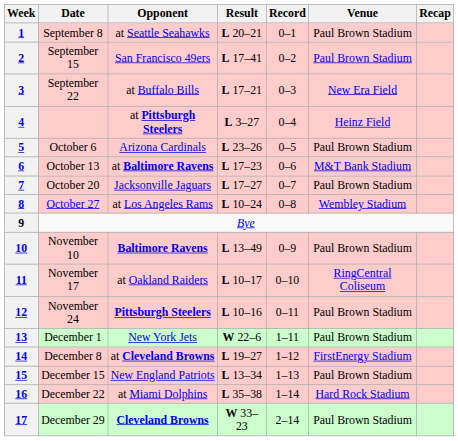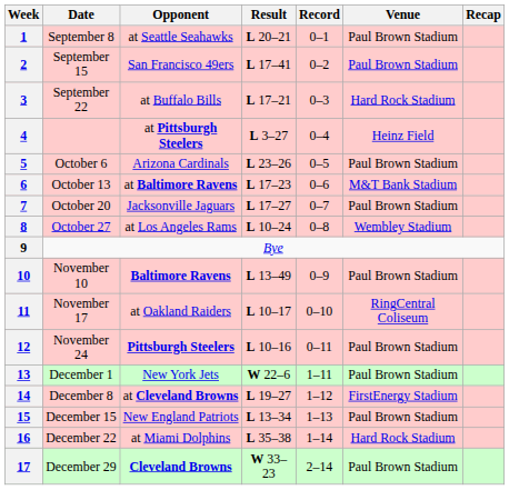 <table class="wikitable" style="text-align:center">
 <tr>
 <th>Week</th>
 <th>Date</th>
 <th>Opponent</th>
 <th>Result</th>
 <th>Record</th>
 <th>Venue</th>
 <th>Recap</th>
 </tr>
 <tr style="background:#fcc">
 <th><a href='#'>1</a></th>
 <td>September 8</td>
 <td>at <a href='#'>Seattle Seahawks</a></td>
 <td><strong>L</strong> 20–21</td>
 <td>0–1</td>
 <td>Paul Brown Stadium</td>
 <td></td>
 </tr>
 <tr style="background:#fcc">
 <th><a href='#'>2</a></th>
 <td>September 15</td>
 <td><a href='#'>San Francisco 49ers</a></td>
 <td><strong>L</strong> 17–41</td>
 <td>0–2</td>
 <td><a href='#'>Paul Brown Stadium</a></td>
 <td></td>
 </tr>
 <tr style="background:#fcc">
 <th><a href='#'>3</a></th>
 <td>September 22</td>
 <td>at <a href='#'>Buffalo Bills</a></td>
 <td><strong>L</strong> 17–21</td>
 <td>0–3</td>
-<td><a href='#'>New Era Field</a></td>
+<td><a href='#'>Hard Rock Stadium</a></td>
 <td></td>
 </tr>
 <tr style="background:#fcc">
 <th><a href='#'>4</a></th>
 <td></td>
 <td>at <strong><a href='#'>Pittsburgh Steelers</a></strong></td>
 <td><strong>L</strong> 3–27</td>
 <td>0–4</td>
 <td><a href='#'>Heinz Field</a></td>
 <td></td>
 </tr>
 <tr style="background:#fcc">
 <th><a href='#'>5</a></th>
 <td>October 6</td>
 <td><a href='#'>Arizona Cardinals</a></td>
 <td><strong>L</strong> 23–26</td>
 <td>0–5</td>
 <td>Paul Brown Stadium</td>
 <td></td>
 </tr>
 <tr style="background:#fcc">
 <th><a href='#'>6</a></th>
 <td>October 13</td>
 <td>at <strong><a href='#'>Baltimore Ravens</a></strong></td>
 <td><strong>L</strong> 17–23</td>
 <td>0–6</td>
 <td><a href='#'>M&T Bank Stadium</a></td>
 <td></td>
 </tr>
 <tr style="background:#fcc">
 <th><a href='#'>7</a></th>
 <td>October 20</td>
 <td><a href='#'>Jacksonville Jaguars</a></td>
 <td><strong>L</strong> 17–27</td>
 <td>0–7</td>
 <td>Paul Brown Stadium</td>
 <td></td>
 </tr>
 <tr style="background:#fcc">
 <th><a href='#'>8</a></th>
 <td><a href='#'>October 27</a></td>
 <td>at <a href='#'>Los Angeles Rams</a></td>
 <td><strong>L</strong> 10–24</td>
 <td>0–8</td>
 <td> <a href='#'>Wembley Stadium</a> </td>
 <td></td>
 </tr>
 <tr>
 <th>9</th>
 <td colspan="6"><em><a href='#'>Bye</a></em></td>
 </tr>
 <tr style="background:#fcc">
 <th><a href='#'>10</a></th>
 <td>November 10</td>
 <td><strong><a href='#'>Baltimore Ravens</a></strong></td>
 <td><strong>L</strong> 13–49</td>
 <td>0–9</td>
 <td>Paul Brown Stadium</td>
 <td></td>
 </tr>
 <tr style="background:#fcc">
 <th><a href='#'>11</a></th>
 <td>November 17</td>
 <td>at <a href='#'>Oakland Raiders</a></td>
 <td><strong>L</strong> 10–17</td>
 <td>0–10</td>
 <td><a href='#'>RingCentral Coliseum</a></td>
 <td></td>
 </tr>
 <tr style="background:#fcc">
 <th><a href='#'>12</a></th>
 <td>November 24</td>
 <td><strong><a href='#'>Pittsburgh Steelers</a></strong></td>
 <td><strong>L</strong> 10–16</td>
 <td>0–11</td>
 <td>Paul Brown Stadium</td>
 <td></td>
 </tr>
 <tr style="background:#cfc">
 <th><a href='#'>13</a></th>
 <td>December 1</td>
 <td><a href='#'>New York Jets</a></td>
 <td><strong>W</strong> 22–6</td>
 <td>1–11</td>
 <td>Paul Brown Stadium</td>
 <td></td>
 </tr>
 <tr style="background:#fcc">
 <th><a href='#'>14</a></th>
 <td>December 8</td>
 <td>at <strong><a href='#'>Cleveland Browns</a></strong></td>
 <td><strong>L</strong> 19–27</td>
 <td>1–12</td>
 <td><a href='#'>FirstEnergy Stadium</a></td>
 <td></td>
 </tr>
 <tr style="background:#fcc">
 <th><a href='#'>15</a></th>
 <td>December 15</td>
 <td><a href='#'>New England Patriots</a></td>
 <td><strong>L</strong> 13–34</td>
 <td>1–13</td>
 <td>Paul Brown Stadium</td>
 <td></td>
 </tr>
 <tr style="background:#fcc">
 <th><a href='#'>16</a></th>
 <td>December 22</td>
 <td>at <a href='#'>Miami Dolphins</a></td>
 <td><strong>L</strong> 35–38 </td>
 <td>1–14</td>
 <td><a href='#'>Hard Rock Stadium</a></td>
 <td></td>
 </tr>
 <tr style="background:#cfc">
 <th><a href='#'>17</a></th>
 <td>December 29</td>
 <td><strong><a href='#'>Cleveland Browns</a></strong></td>
 <td><strong>W</strong> 33–23</td>
 <td>2–14</td>
 <td>Paul Brown Stadium</td>
 <td></td>
 </tr>
 </table>
